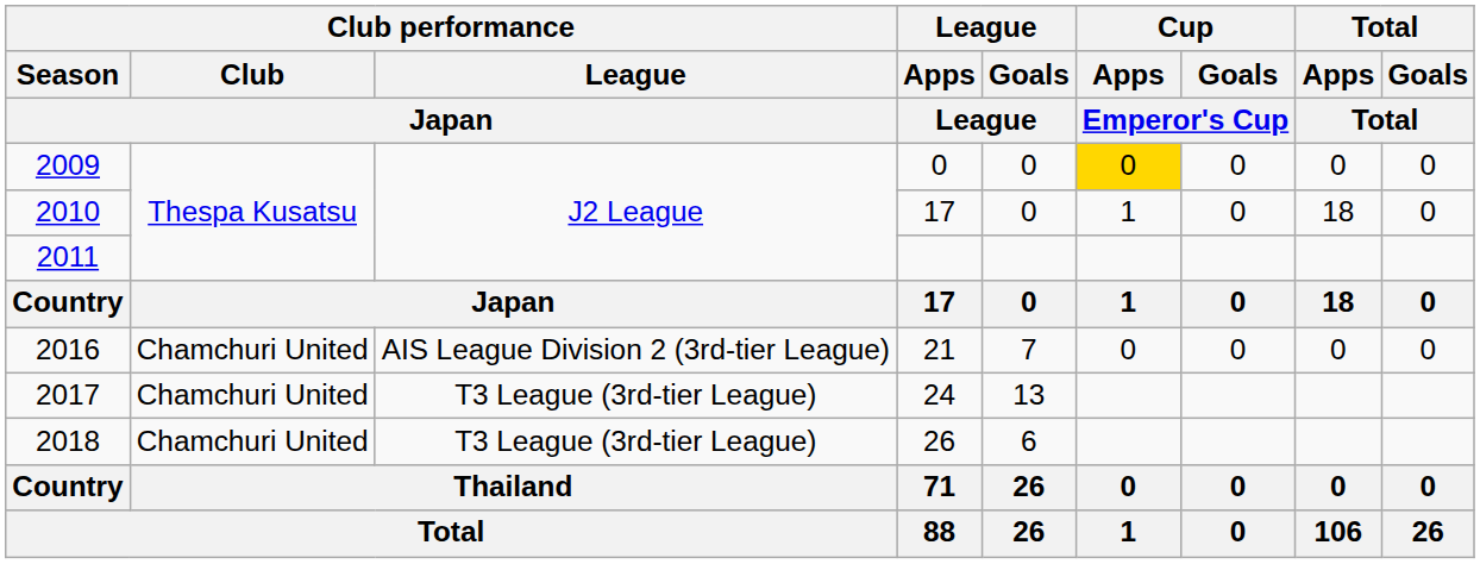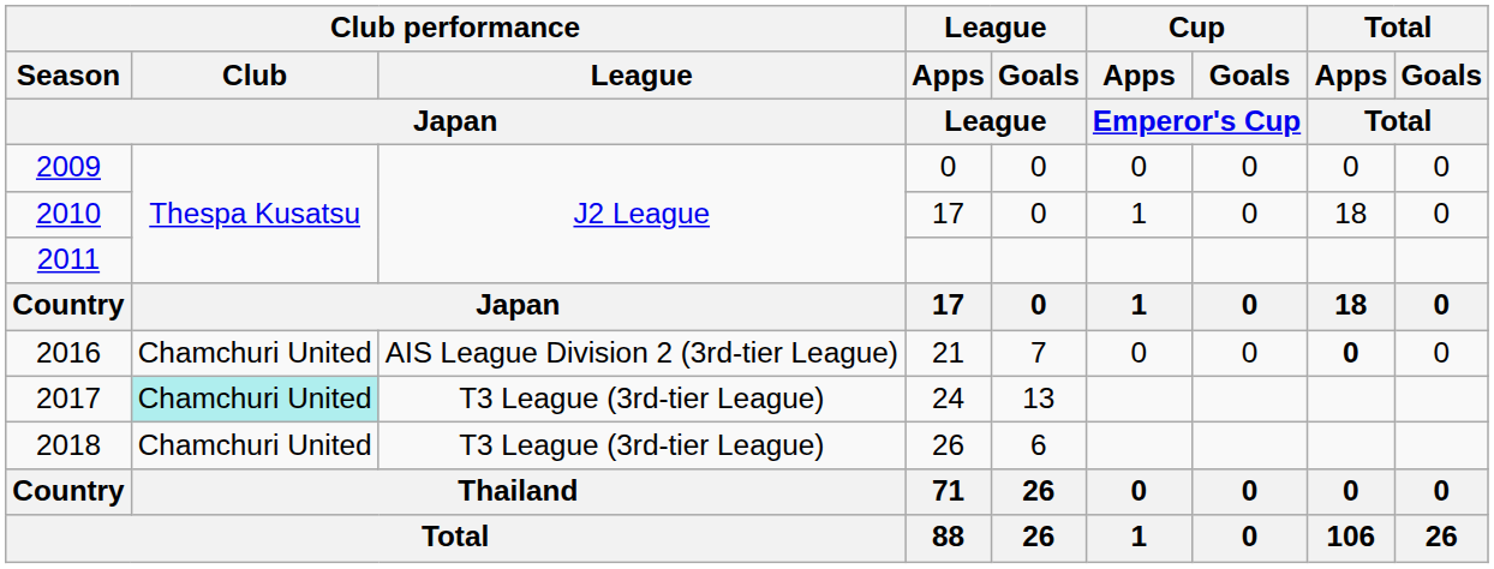 <table class="wikitable" style="text-align:center;">
 <tr>
 <th colspan=3>Club performance</th>
 <th colspan=2>League</th>
 <th colspan=2>Cup</th>
 <th colspan=2>Total</th>
 </tr>
 <tr>
 <th>Season</th>
 <th>Club</th>
 <th>League</th>
 <th>Apps</th>
 <th>Goals</th>
 <th>Apps</th>
 <th>Goals</th>
 <th>Apps</th>
 <th>Goals</th>
 </tr>
 <tr>
 <th colspan=3>Japan</th>
 <th colspan=2>League</th>
 <th colspan=2><a href='#'>Emperor's Cup</a></th>
 <th colspan=2>Total</th>
 </tr>
 <tr>
 <td><a href='#'>2009</a></td>
 <td rowspan="3"><a href='#'>Thespa Kusatsu</a></td>
 <td rowspan="3"><a href='#'>J2 League</a></td>
 <td>0</td>
 <td>0</td>
-<td style="background: gold;">0</td>
+<td>0</td>
 <td>0</td>
 <td>0</td>
 <td>0</td>
 </tr>
 <tr>
 <td><a href='#'>2010</a></td>
 <td>17</td>
 <td>0</td>
 <td>1</td>
 <td>0</td>
 <td>18</td>
 <td>0</td>
 </tr>
 <tr>
 <td><a href='#'>2011</a></td>
 <td></td>
 <td></td>
 <td></td>
 <td></td>
 <td></td>
 <td></td>
 </tr>
 <tr>
 <th rowspan=1>Country</th>
 <th colspan=2>Japan</th>
 <th>17</th>
 <th>0</th>
 <th>1</th>
 <th>0</th>
 <th>18</th>
 <th>0</th>
 </tr>
 <tr>
 <td rowspan="1">2016</td>
 <td rowspan="1">Chamchuri United</td>
 <td rowspan="1">AIS League Division 2 (3rd-tier League)</td>
 <td rowspan="1">21</td>
 <td rowspan="1">7</td>
 <td rowspan="1">0</td>
 <td rowspan="1">0</td>
-<td rowspan="1">0</td>
+<td rowspan="1"><strong>0</strong></td>
 <td rowspan="1">0</td>
 </tr>
 <tr>
 <td rowspan="1">2017</td>
-<td rowspan="1">Chamchuri United</td>
+<td rowspan="1" style="background: paleturquoise;">Chamchuri United</td>
 <td rowspan="1">T3 League (3rd-tier League)</td>
 <td rowspan="1">24</td>
 <td rowspan="1">13</td>
 <td rowspan="1"></td>
 <td rowspan="1"></td>
 <td rowspan="1"></td>
 <td rowspan="1"></td>
 </tr>
 <tr>
 <td>2018</td>
 <td>Chamchuri United</td>
 <td>T3 League (3rd-tier League)</td>
 <td>26</td>
 <td>6</td>
 <td></td>
 <td></td>
 <td></td>
 <td></td>
 </tr>
 <tr>
 <th>Country</th>
 <th colspan="2">Thailand</th>
 <th>71</th>
 <th>26</th>
 <th>0</th>
 <th>0</th>
 <th>0</th>
 <th>0</th>
 </tr>
 <tr>
 <th colspan="3">Total</th>
 <th>88</th>
 <th>26</th>
 <th>1</th>
 <th>0</th>
 <th>106</th>
 <th>26</th>
 </tr>
 </table>
